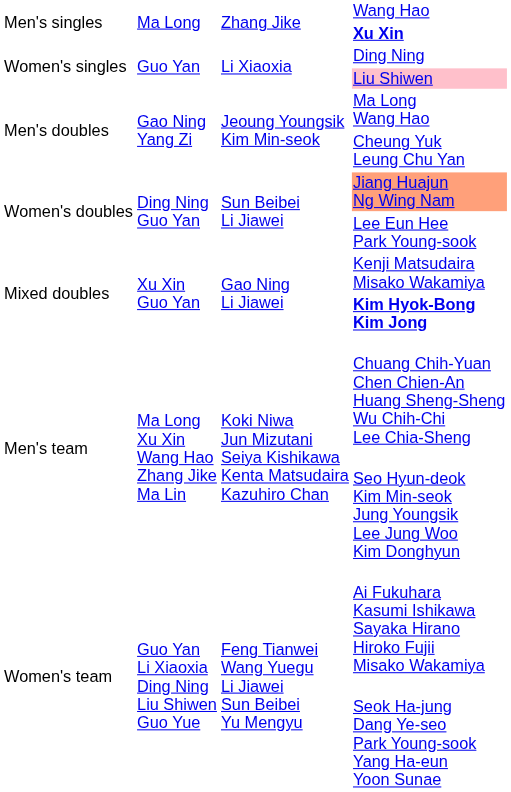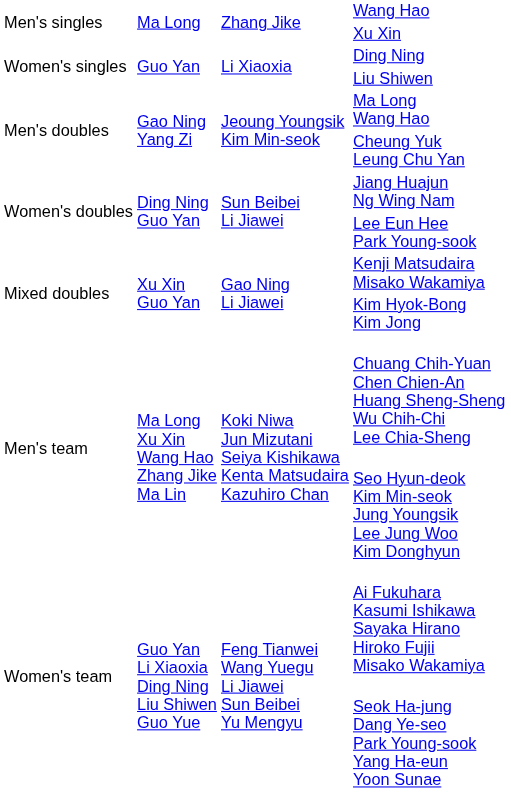 <table>
 <tr>
 <td rowspan=2>Men's singles <br></td>
 <td rowspan=2> <a href='#'>Ma Long</a></td>
 <td rowspan=2> <a href='#'>Zhang Jike</a></td>
 <td> <a href='#'>Wang Hao</a></td>
 </tr>
 <tr>
-<td><strong> <a href='#'>Xu Xin</a></strong></td>
+<td> <a href='#'>Xu Xin</a></td>
 </tr>
 <tr>
 <td rowspan=2>Women's singles <br></td>
 <td rowspan=2> <a href='#'>Guo Yan</a></td>
 <td rowspan=2> <a href='#'>Li Xiaoxia</a></td>
 <td> <a href='#'>Ding Ning</a></td>
 </tr>
 <tr>
-<td style="background: pink;"> <a href='#'>Liu Shiwen</a></td>
+<td> <a href='#'>Liu Shiwen</a></td>
 </tr>
 <tr>
 <td rowspan=2>Men's doubles <br></td>
 <td rowspan=2> <a href='#'>Gao Ning</a><br> <a href='#'>Yang Zi</a></td>
 <td rowspan=2> <a href='#'>Jeoung Youngsik</a><br> <a href='#'>Kim Min-seok</a></td>
 <td> <a href='#'>Ma Long</a><br> <a href='#'>Wang Hao</a></td>
 </tr>
 <tr>
 <td> <a href='#'>Cheung Yuk</a><br> <a href='#'>Leung Chu Yan</a></td>
 </tr>
 <tr>
 <td rowspan=2>Women's doubles <br></td>
 <td rowspan=2> <a href='#'>Ding Ning</a><br> <a href='#'>Guo Yan</a></td>
 <td rowspan=2> <a href='#'>Sun Beibei</a><br> <a href='#'>Li Jiawei</a></td>
-<td style="background: lightsalmon;"> <a href='#'>Jiang Huajun </a><br>  <a href='#'>Ng Wing Nam</a></td>
+<td> <a href='#'>Jiang Huajun </a><br>  <a href='#'>Ng Wing Nam</a></td>
 </tr>
 <tr>
 <td> <a href='#'>Lee Eun Hee</a><br> <a href='#'>Park Young-sook</a></td>
 </tr>
 <tr>
 <td rowspan=2>Mixed doubles <br></td>
 <td rowspan=2> <a href='#'>Xu Xin</a><br> <a href='#'>Guo Yan</a></td>
 <td rowspan=2> <a href='#'>Gao Ning</a><br> <a href='#'>Li Jiawei</a></td>
 <td> <a href='#'>Kenji Matsudaira</a><br> <a href='#'>Misako Wakamiya</a></td>
 </tr>
 <tr>
-<td><strong> <a href='#'>Kim Hyok-Bong</a><br> <a href='#'>Kim Jong</a></strong></td>
+<td> <a href='#'>Kim Hyok-Bong</a><br> <a href='#'>Kim Jong</a></td>
 </tr>
 <tr>
 <td rowspan=2>Men's team <br></td>
 <td rowspan=2><br><a href='#'>Ma Long</a><br><a href='#'>Xu Xin</a><br><a href='#'>Wang Hao</a><br><a href='#'>Zhang Jike</a><br><a href='#'>Ma Lin</a></td>
 <td rowspan=2><br><a href='#'>Koki Niwa</a><br><a href='#'>Jun Mizutani</a><br><a href='#'>Seiya Kishikawa</a><br><a href='#'>Kenta Matsudaira</a><br><a href='#'>Kazuhiro Chan</a></td>
 <td><br><a href='#'>Chuang Chih-Yuan</a><br><a href='#'>Chen Chien-An</a><br><a href='#'>Huang Sheng-Sheng</a><br><a href='#'>Wu Chih-Chi</a><br><a href='#'>Lee Chia-Sheng</a></td>
 </tr>
 <tr>
 <td><br><a href='#'>Seo Hyun-deok</a><br><a href='#'>Kim Min-seok</a><br><a href='#'>Jung Youngsik</a><br><a href='#'>Lee Jung Woo</a><br><a href='#'>Kim Donghyun</a></td>
 </tr>
 <tr>
 <td rowspan=2>Women's team <br></td>
 <td rowspan=2><br><a href='#'>Guo Yan</a><br><a href='#'>Li Xiaoxia</a><br><a href='#'>Ding Ning</a><br><a href='#'>Liu Shiwen</a><br><a href='#'>Guo Yue</a></td>
 <td rowspan=2><br><a href='#'>Feng Tianwei</a><br><a href='#'>Wang Yuegu</a><br><a href='#'>Li Jiawei</a><br><a href='#'>Sun Beibei</a><br><a href='#'>Yu Mengyu</a></td>
 <td><br><a href='#'>Ai Fukuhara</a><br><a href='#'>Kasumi Ishikawa</a><br><a href='#'>Sayaka Hirano</a><br><a href='#'>Hiroko Fujii</a><br><a href='#'>Misako Wakamiya</a></td>
 </tr>
 <tr>
 <td><br><a href='#'>Seok Ha-jung</a><br><a href='#'>Dang Ye-seo</a><br><a href='#'>Park Young-sook</a><br><a href='#'>Yang Ha-eun</a><br><a href='#'>Yoon Sunae</a></td>
 </tr>
 </table>
